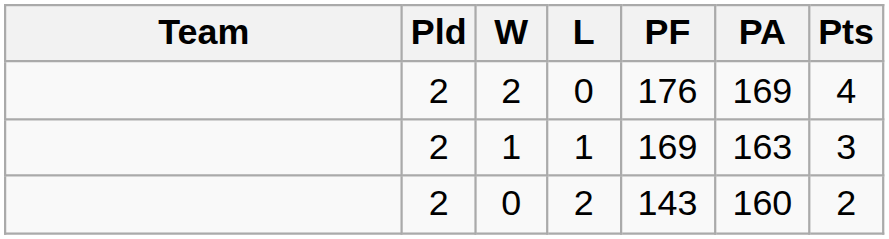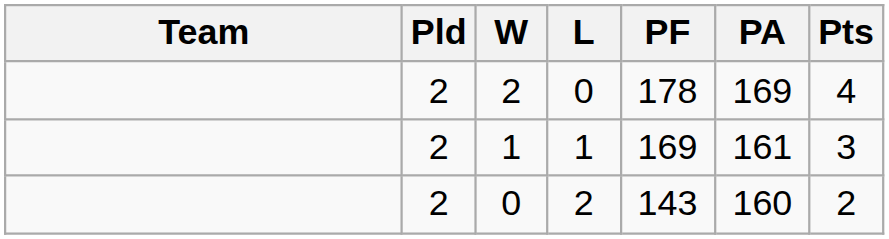 <table class="wikitable" style="text-align:center;">
 <tr>
 <th width=170>Team</th>
 <th width=25>Pld</th>
 <th width=25>W</th>
 <th width=25>L</th>
 <th width=35>PF</th>
 <th width=35>PA</th>
 <th width=25>Pts</th>
 </tr>
 <tr>
 <td align="left"></td>
 <td>2</td>
 <td>2</td>
 <td>0</td>
-<td>176</td>
+<td>178</td>
 <td>169</td>
 <td>4</td>
 </tr>
 <tr>
 <td align="left"></td>
 <td>2</td>
 <td>1</td>
 <td>1</td>
 <td>169</td>
-<td>163</td>
+<td>161</td>
 <td>3</td>
 </tr>
 <tr>
 <td align="left"></td>
 <td>2</td>
 <td>0</td>
 <td>2</td>
 <td>143</td>
 <td>160</td>
 <td>2</td>
 </tr>
 </table>
